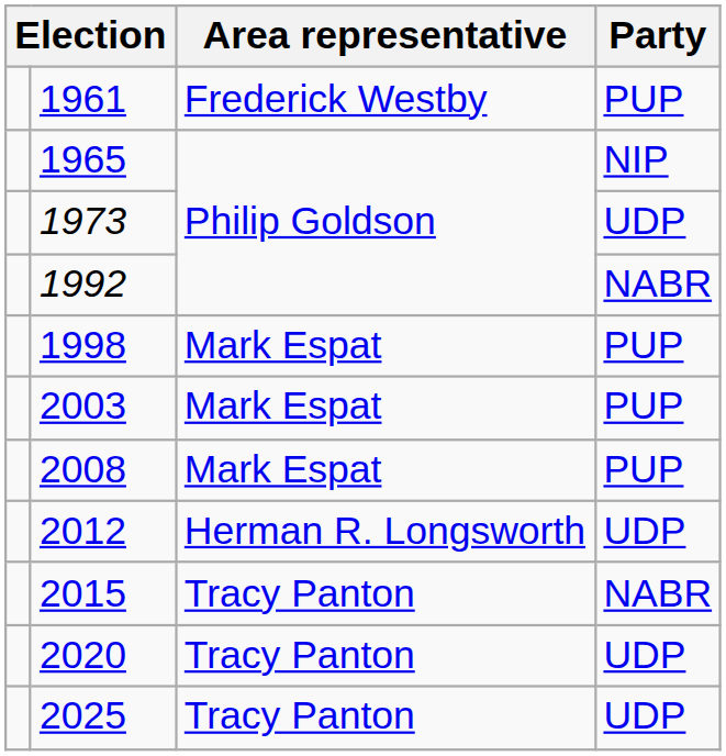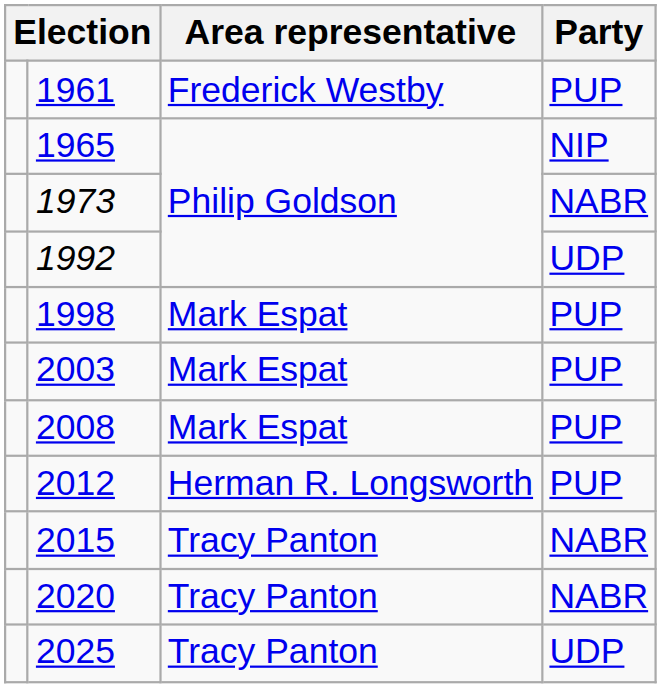 <table class="wikitable">
 <tr>
 <th colspan="2">Election</th>
 <th>Area representative</th>
 <th>Party</th>
 </tr>
 <tr>
 <td style="background-color: "></td>
 <td><a href='#'>1961</a></td>
 <td><a href='#'>Frederick Westby</a></td>
 <td><a href='#'>PUP</a></td>
 </tr>
 <tr>
 <td style="background-color: "></td>
 <td><a href='#'>1965</a></td>
 <td rowspan="3"><a href='#'>Philip Goldson</a></td>
 <td><a href='#'>NIP</a></td>
 </tr>
 <tr>
 <td style="background-color: "></td>
 <td><em>1973</em></td>
-<td><a href='#'>UDP</a></td>
+<td><a href='#'>NABR</a></td>
 </tr>
 <tr>
 <td style="background-color: "></td>
 <td><em>1992</em></td>
-<td><a href='#'>NABR</a></td>
+<td><a href='#'>UDP</a></td>
 </tr>
 <tr>
 <td style="background-color: "></td>
 <td><a href='#'>1998</a></td>
 <td><a href='#'>Mark Espat</a></td>
 <td><a href='#'>PUP</a></td>
 </tr>
 <tr>
 <td style="background-color: "></td>
 <td><a href='#'>2003</a></td>
 <td><a href='#'>Mark Espat</a></td>
 <td><a href='#'>PUP</a></td>
 </tr>
 <tr>
 <td style="background-color: "></td>
 <td><a href='#'>2008</a></td>
 <td><a href='#'>Mark Espat</a></td>
 <td><a href='#'>PUP</a></td>
 </tr>
 <tr>
 <td style="background-color: "></td>
 <td><a href='#'>2012</a></td>
 <td><a href='#'>Herman R. Longsworth</a></td>
-<td><a href='#'>UDP</a></td>
+<td><a href='#'>PUP</a></td>
 </tr>
 <tr>
 <td style="background-color: "></td>
 <td><a href='#'>2015</a></td>
 <td><a href='#'>Tracy Panton</a></td>
 <td><a href='#'>NABR</a></td>
 </tr>
 <tr>
 <td style="background-color: "></td>
 <td><a href='#'>2020</a></td>
 <td><a href='#'>Tracy Panton</a></td>
-<td><a href='#'>UDP</a></td>
+<td><a href='#'>NABR</a></td>
 </tr>
 <tr>
 <td style="background-color: "></td>
 <td><a href='#'>2025</a></td>
 <td><a href='#'>Tracy Panton</a></td>
 <td><a href='#'>UDP</a></td>
 </tr>
 </table>
